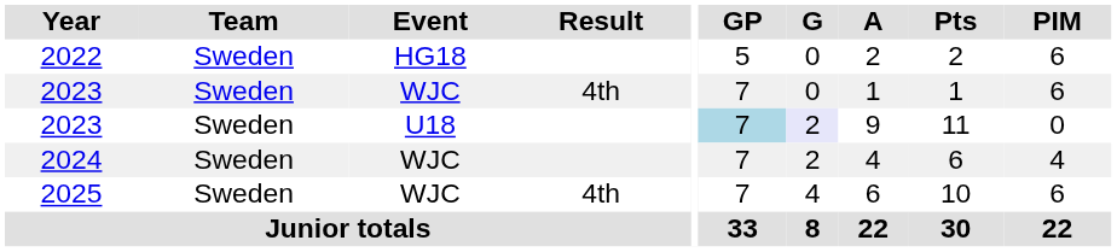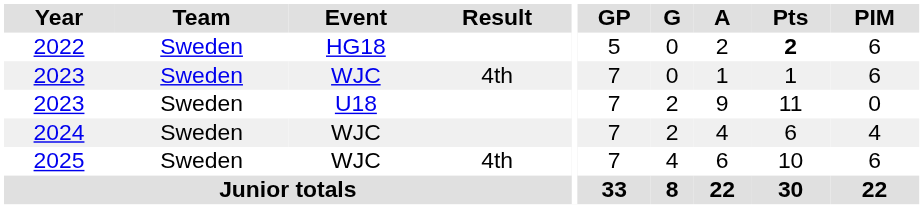 <table border="0" cellpadding="1" cellspacing="0" ID="Table3" style="text-align:center; width:40em">
 <tr bgcolor="#e0e0e0">
 <th>Year</th>
 <th>Team</th>
 <th>Event</th>
 <th>Result</th>
 <th rowspan="99" bgcolor="#ffffff"></th>
 <th>GP</th>
 <th>G</th>
 <th>A</th>
 <th>Pts</th>
 <th>PIM</th>
 </tr>
 <tr>
 <td><a href='#'>2022</a></td>
 <td><a href='#'>Sweden</a></td>
 <td><a href='#'>HG18</a></td>
 <td></td>
 <td>5</td>
 <td>0</td>
 <td>2</td>
-<td>2</td>
+<td><strong>2</strong></td>
 <td>6</td>
 </tr>
 <tr bgcolor="#f0f0f0">
 <td><a href='#'>2023</a></td>
 <td><a href='#'>Sweden</a></td>
 <td><a href='#'>WJC</a></td>
 <td>4th</td>
 <td>7</td>
 <td>0</td>
 <td>1</td>
 <td>1</td>
 <td>6</td>
 </tr>
 <tr>
 <td><a href='#'>2023</a></td>
 <td>Sweden</td>
 <td><a href='#'>U18</a></td>
 <td></td>
-<td style="background: lightblue;">7</td>
-<td style="background: lavender;">2</td>
+<td>7</td>
+<td>2</td>
 <td>9</td>
 <td>11</td>
 <td>0</td>
 </tr>
 <tr bgcolor="#f0f0f0">
 <td><a href='#'>2024</a></td>
 <td>Sweden</td>
 <td>WJC</td>
 <td></td>
 <td>7</td>
 <td>2</td>
 <td>4</td>
 <td>6</td>
 <td>4</td>
 </tr>
 <tr>
 <td><a href='#'>2025</a></td>
 <td>Sweden</td>
 <td>WJC</td>
 <td>4th</td>
 <td>7</td>
 <td>4</td>
 <td>6</td>
 <td>10</td>
 <td>6</td>
 </tr>
 <tr bgcolor="#e0e0e0">
 <th colspan="4">Junior totals</th>
 <th>33</th>
 <th>8</th>
 <th>22</th>
 <th>30</th>
 <th>22</th>
 </tr>
 </table>
